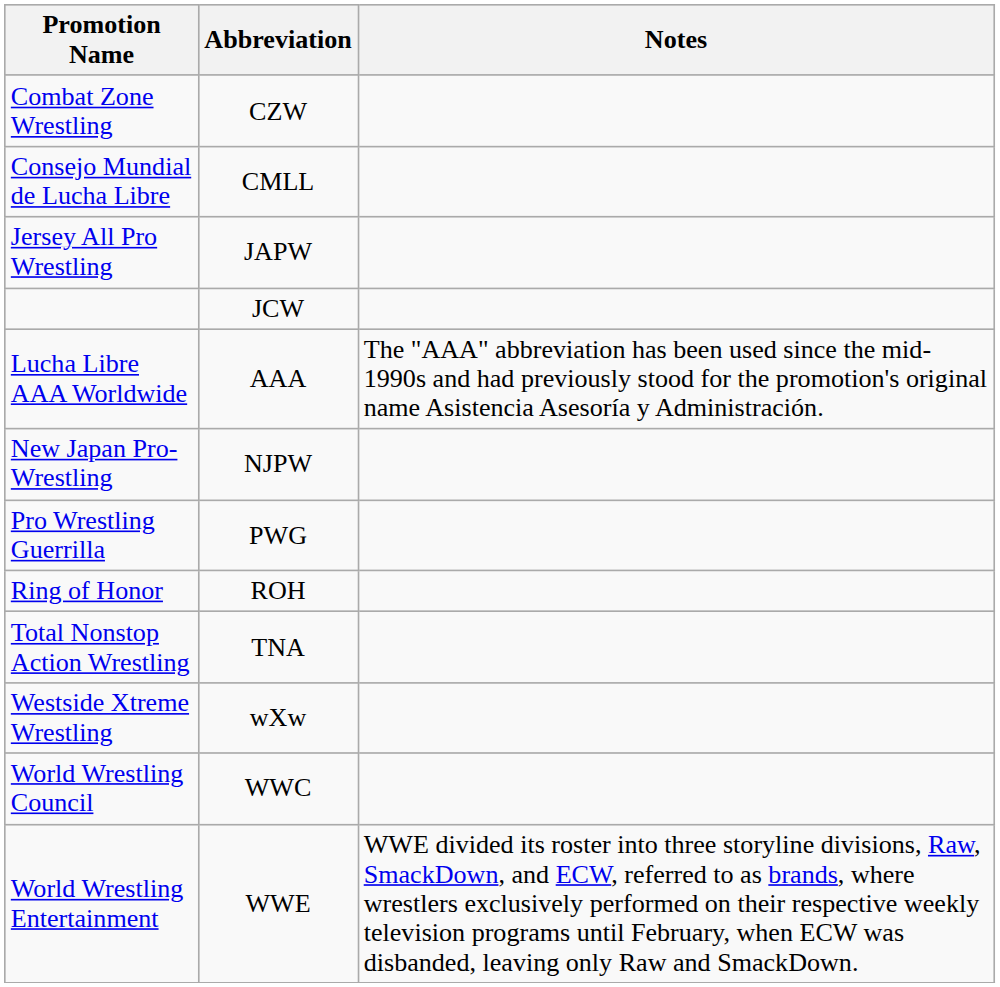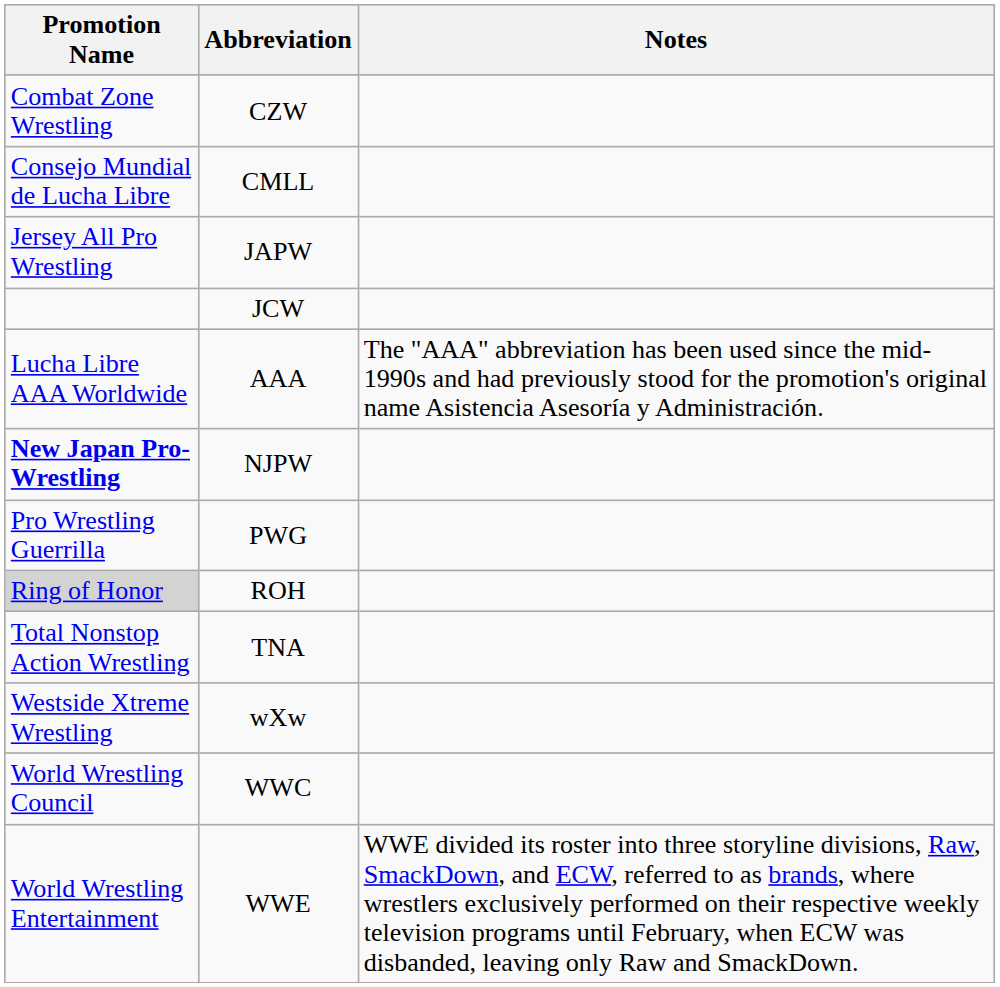 <table class="wikitable">
 <tr>
 <th>Promotion Name</th>
 <th>Abbreviation</th>
 <th>Notes</th>
 </tr>
 <tr>
 <td><a href='#'>Combat Zone Wrestling</a></td>
 <td align=center>CZW</td>
 <td></td>
 </tr>
 <tr>
 <td><a href='#'>Consejo Mundial de Lucha Libre</a></td>
 <td align=center>CMLL</td>
 <td></td>
 </tr>
 <tr>
 <td><a href='#'>Jersey All Pro Wrestling</a></td>
 <td align=center>JAPW</td>
 <td></td>
 </tr>
 <tr>
 <td></td>
 <td align=center>JCW</td>
 <td></td>
 </tr>
 <tr>
 <td><a href='#'>Lucha Libre AAA Worldwide</a></td>
 <td align=center>AAA</td>
 <td>The "AAA" abbreviation has been used since the mid-1990s and had previously stood for the promotion's original name Asistencia Asesoría y Administración.</td>
 </tr>
 <tr>
-<td><a href='#'>New Japan Pro-Wrestling</a></td>
+<td><strong><a href='#'>New Japan Pro-Wrestling</a></strong></td>
 <td align=center>NJPW</td>
 <td></td>
 </tr>
 <tr>
 <td><a href='#'>Pro Wrestling Guerrilla</a></td>
 <td align=center>PWG</td>
 <td></td>
 </tr>
 <tr>
-<td><a href='#'>Ring of Honor</a></td>
+<td style="background: lightgrey;"><a href='#'>Ring of Honor</a></td>
 <td align=center>ROH</td>
 <td></td>
 </tr>
 <tr>
 <td><a href='#'>Total Nonstop Action Wrestling</a></td>
 <td align=center>TNA</td>
 <td></td>
 </tr>
 <tr>
 <td><a href='#'>Westside Xtreme Wrestling</a></td>
 <td align=center>wXw</td>
 <td></td>
 </tr>
 <tr>
 <td><a href='#'>World Wrestling Council</a></td>
 <td align=center>WWC</td>
 <td></td>
 </tr>
 <tr>
 <td><a href='#'>World Wrestling Entertainment</a></td>
 <td align=center>WWE</td>
 <td>WWE divided its roster into three storyline divisions, <a href='#'>Raw</a>, <a href='#'>SmackDown</a>, and <a href='#'>ECW</a>, referred to as <a href='#'>brands</a>, where wrestlers exclusively performed on their respective weekly television programs until February, when ECW was disbanded, leaving only Raw and SmackDown.</td>
 </tr>
 <tr>
 </tr>
 </table>
